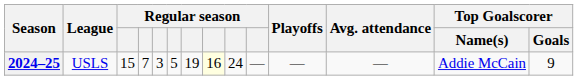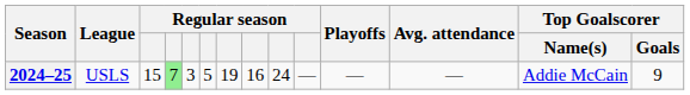 <table class="wikitable" style="text-align: center;">
 <tr>
 <th rowspan=2>Season</th>
 <th rowspan=2>League</th>
 <th colspan=8>Regular season</th>
 <th rowspan=2>Playoffs</th>
 <th rowspan=2>Avg. attendance</th>
 <th colspan=2>Top Goalscorer</th>
 </tr>
 <tr>
 <th></th>
 <th></th>
 <th></th>
 <th></th>
 <th></th>
 <th></th>
 <th></th>
 <th></th>
 <th>Name(s)</th>
 <th>Goals</th>
 </tr>
 <tr>
 <th><a href='#'>2024–25</a></th>
 <td><a href='#'>USLS</a></td>
 <td>15</td>
-<td>7</td>
+<td style="background: lightgreen;">7</td>
 <td>3</td>
 <td>5</td>
 <td>19</td>
-<td style="background: lightyellow;">16</td>
+<td>16</td>
 <td>24</td>
 <td>—</td>
 <td>—</td>
 <td>—</td>
 <td> <a href='#'>Addie McCain</a></td>
 <td>9</td>
 </tr>
 </table>
